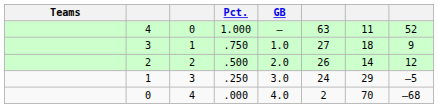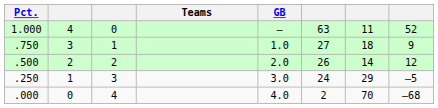 <table class="wikitable" style="text-align:center;">
 <tr>
-<th width="150px">Teams</th>
+<th width="50px"><a href='#'>Pct.</a></th>
 <th width="50px"></th>
 <th width="50px"></th>
-<th width="50px"><a href='#'>Pct.</a></th>
+<th width="150px">Teams</th>
 <th width="50px"><a href='#'>GB</a></th>
 <th width="50px"></th>
 <th width="50px"></th>
 <th width="50px"></th>
 </tr>
 <tr style="background-color:#ccffcc">
-<td align="left"></td>
+<td>1.000</td>
 <td>4</td>
 <td>0</td>
-<td>1.000</td>
+<td align="left"></td>
 <td>–</td>
 <td>63</td>
 <td>11</td>
 <td>52</td>
 </tr>
 <tr style="background-color:#ccffcc">
-<td align="left"></td>
+<td>.750</td>
 <td>3</td>
 <td>1</td>
-<td>.750</td>
+<td align="left"></td>
 <td>1.0</td>
 <td>27</td>
 <td>18</td>
 <td>9</td>
 </tr>
 <tr style="background-color:#ccffcc">
-<td align="left"></td>
+<td>.500</td>
 <td>2</td>
 <td>2</td>
-<td>.500</td>
+<td align="left"></td>
 <td>2.0</td>
 <td>26</td>
 <td>14</td>
 <td>12</td>
 </tr>
 <tr style="background-color:">
-<td align="left"></td>
+<td>.250</td>
 <td>1</td>
 <td>3</td>
-<td>.250</td>
+<td align="left"></td>
 <td>3.0</td>
 <td>24</td>
 <td>29</td>
 <td>–5</td>
 </tr>
 <tr style="background-color:">
-<td align="left"></td>
+<td>.000</td>
 <td>0</td>
 <td>4</td>
-<td>.000</td>
+<td align="left"></td>
 <td>4.0</td>
 <td>2</td>
 <td>70</td>
 <td>–68</td>
 </tr>
 </table>
